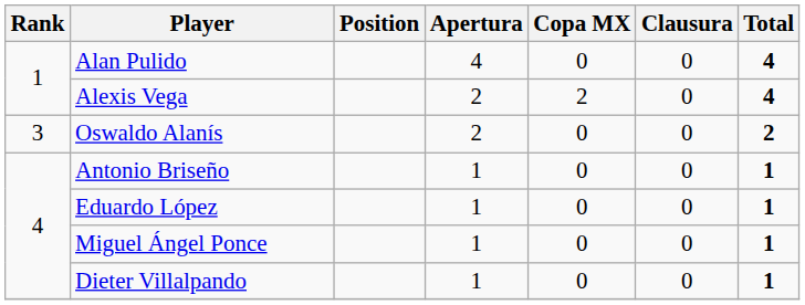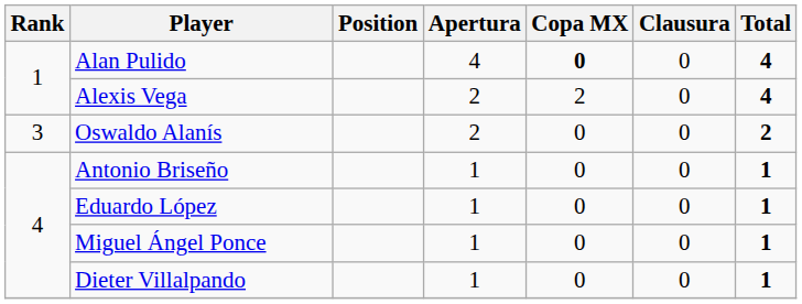 <table class="wikitable">
 <tr>
 <th>Rank</th>
 <th style="width:175px;">Player</th>
 <th>Position</th>
 <th>Apertura</th>
 <th>Copa MX</th>
 <th>Clausura</th>
 <th>Total</th>
 </tr>
 <tr>
 <td align=center rowspan=2>1</td>
 <td> <a href='#'>Alan Pulido</a></td>
 <td align=center></td>
 <td align=center>4</td>
-<td align=center>0</td>
+<td align=center><strong>0</strong></td>
 <td align=center>0</td>
 <td align=center><strong>4</strong></td>
 </tr>
 <tr>
 <td> <a href='#'>Alexis Vega</a></td>
 <td align=center></td>
 <td align=center>2</td>
 <td align=center>2</td>
 <td align=center>0</td>
 <td align=center><strong>4</strong></td>
 </tr>
 <tr>
 <td align=center>3</td>
 <td> <a href='#'>Oswaldo Alanís</a></td>
 <td align=center></td>
 <td align=center>2</td>
 <td align=center>0</td>
 <td align=center>0</td>
 <td align=center><strong>2</strong></td>
 </tr>
 <tr>
 <td align=center rowspan=4>4</td>
 <td> <a href='#'>Antonio Briseño</a></td>
 <td align=center></td>
 <td align=center>1</td>
 <td align=center>0</td>
 <td align=center>0</td>
 <td align=center><strong>1</strong></td>
 </tr>
 <tr>
 <td> <a href='#'>Eduardo López</a></td>
 <td align=center></td>
 <td align=center>1</td>
 <td align=center>0</td>
 <td align=center>0</td>
 <td align=center><strong>1</strong></td>
 </tr>
 <tr>
 <td> <a href='#'>Miguel Ángel Ponce</a></td>
 <td align=center></td>
 <td align=center>1</td>
 <td align=center>0</td>
 <td align=center>0</td>
 <td align=center><strong>1</strong></td>
 </tr>
 <tr>
 <td> <a href='#'>Dieter Villalpando</a></td>
 <td align=center></td>
 <td align=center>1</td>
 <td align=center>0</td>
 <td align=center>0</td>
 <td align=center><strong>1</strong></td>
 </tr>
 <tr>
 </tr>
 </table>
